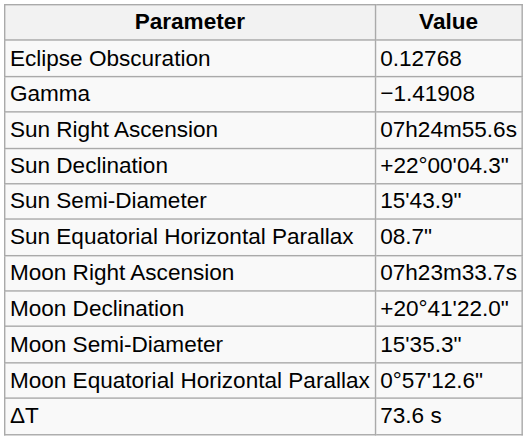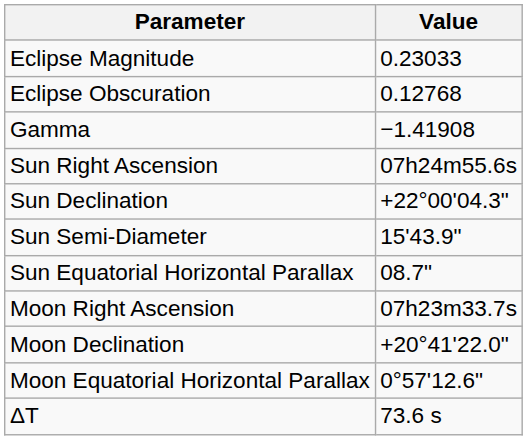 <table class="wikitable">
 <tr>
 <th>Parameter</th>
 <th>Value</th>
+</tr>
+<tr>
+<td>Eclipse Magnitude</td>
+<td>0.23033</td>
 </tr>
 <tr>
 <td>Eclipse Obscuration</td>
 <td>0.12768</td>
 </tr>
 <tr>
 <td>Gamma</td>
 <td>−1.41908</td>
 </tr>
 <tr>
 <td>Sun Right Ascension</td>
 <td>07h24m55.6s</td>
 </tr>
 <tr>
 <td>Sun Declination</td>
 <td>+22°00'04.3"</td>
 </tr>
 <tr>
 <td>Sun Semi-Diameter</td>
 <td>15'43.9"</td>
 </tr>
 <tr>
 <td>Sun Equatorial Horizontal Parallax</td>
 <td>08.7"</td>
 </tr>
 <tr>
 <td>Moon Right Ascension</td>
 <td>07h23m33.7s</td>
 </tr>
 <tr>
 <td>Moon Declination</td>
 <td>+20°41'22.0"</td>
 </tr>
 <tr>
-<td>Moon Semi-Diameter</td>
-<td>15'35.3"</td>
-</tr>
-<tr>
 <td>Moon Equatorial Horizontal Parallax</td>
 <td>0°57'12.6"</td>
 </tr>
 <tr>
 <td>ΔT</td>
 <td>73.6 s</td>
 </tr>
 </table>
